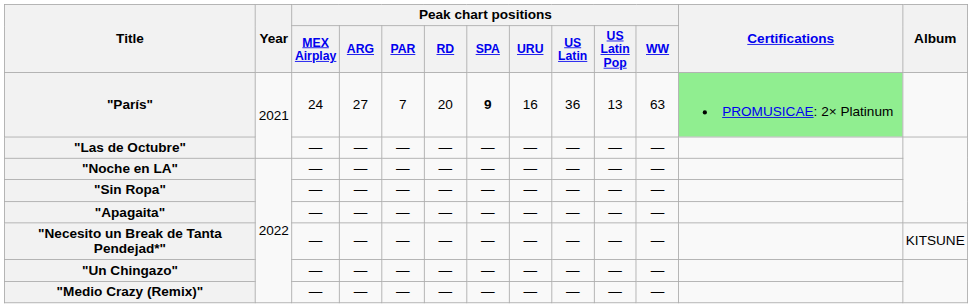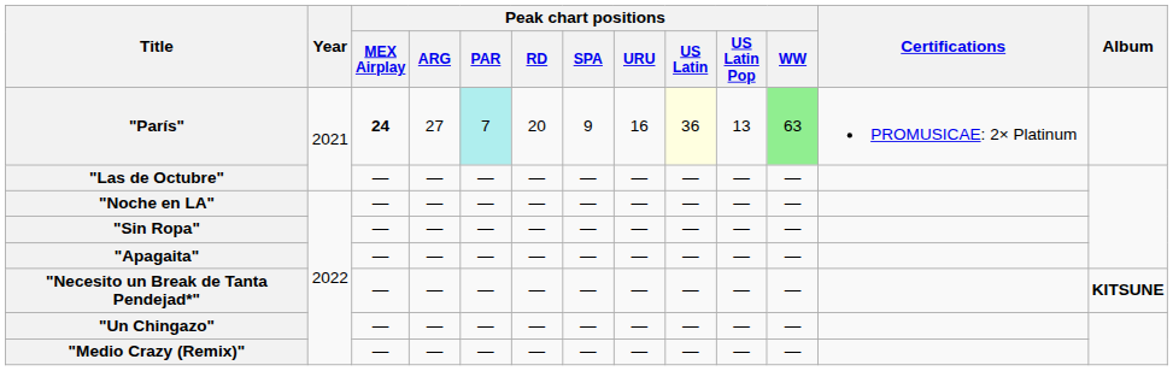 <table class="wikitable plainrowheaders" style="text-align:center;">
 <tr>
 <th scope="col" rowspan="2" style="width:18em;">Title</th>
 <th scope="col" rowspan="2">Year</th>
 <th scope="col" colspan="9">Peak chart positions</th>
 <th scope="col" rowspan="2" style="width:16em;"><a href='#'>Certifications</a></th>
 <th scope="col" rowspan="2">Album</th>
 </tr>
 <tr>
 <th scope="col" style="width:3em;font-size:90%;"><a href='#'>MEX Airplay</a><br></th>
 <th scope="col" style="width:3em;font-size:90%;"><a href='#'>ARG</a><br></th>
 <th scope="col" style="width:3em;font-size:90%;"><a href='#'>PAR</a><br></th>
 <th scope="col" style="width:3em;font-size:90%;"><a href='#'>RD</a><br></th>
 <th scope="col" style="width:3em;font-size:90%;"><a href='#'>SPA</a><br></th>
 <th scope="col" style="width:3em;font-size:90%;"><a href='#'>URU</a><br></th>
 <th scope="col" style="width:3em;font-size:90%;"><a href='#'>US Latin</a><br></th>
 <th scope="col" style="width:3em;font-size:90%;"><a href='#'>US Latin Pop</a><br></th>
 <th scope="col" style="width:3em;font-size:90%;"><a href='#'>WW</a><br></th>
 </tr>
 <tr>
 <th scope="row">"París"</th>
 <td rowspan="2">2021</td>
-<td>24</td>
+<td><strong>24</strong></td>
 <td>27</td>
-<td>7</td>
+<td style="background: paleturquoise;">7</td>
 <td>20</td>
-<td><strong>9</strong></td>
+<td>9</td>
 <td>16</td>
-<td>36</td>
+<td style="background: lightyellow;">36</td>
 <td>13</td>
-<td>63</td>
-<td style="background: lightgreen;"><br><ul><li><a href='#'>PROMUSICAE</a>: 2× Platinum</li></ul></td>
+<td style="background: lightgreen;">63</td>
+<td><br><ul><li><a href='#'>PROMUSICAE</a>: 2× Platinum</li></ul></td>
 <td></td>
 </tr>
 <tr>
 <th scope="row">"Las de Octubre"</th>
 <td>—</td>
 <td>—</td>
 <td>—</td>
 <td>—</td>
 <td>—</td>
 <td>—</td>
 <td>—</td>
 <td>—</td>
 <td>—</td>
 <td></td>
 </tr>
 <tr>
 <th scope="row">"Noche en LA"<br></th>
 <td rowspan="6">2022</td>
 <td>—</td>
 <td>—</td>
 <td>—</td>
 <td>—</td>
 <td>—</td>
 <td>—</td>
 <td>—</td>
 <td>—</td>
 <td>—</td>
 <td></td>
 </tr>
 <tr>
 <th scope="row">"Sin Ropa"<br></th>
 <td>—</td>
 <td>—</td>
 <td>—</td>
 <td>—</td>
 <td>—</td>
 <td>—</td>
 <td>—</td>
 <td>—</td>
 <td>—</td>
 <td></td>
 </tr>
 <tr>
 <th scope="row">"Apagaita"</th>
 <td>—</td>
 <td>—</td>
 <td>—</td>
 <td>—</td>
 <td>—</td>
 <td>—</td>
 <td>—</td>
 <td>—</td>
 <td>—</td>
 <td></td>
 </tr>
 <tr>
 <th scope="row">"Necesito un Break de Tanta Pendejad*"<br></th>
 <td>—</td>
 <td>—</td>
 <td>—</td>
 <td>—</td>
 <td>—</td>
 <td>—</td>
 <td>—</td>
 <td>—</td>
 <td>—</td>
 <td></td>
-<td>KITSUNE</td>
+<td><strong>KITSUNE</strong></td>
 </tr>
 <tr>
 <th scope="row">"Un Chingazo"<br></th>
 <td>—</td>
 <td>—</td>
 <td>—</td>
 <td>—</td>
 <td>—</td>
 <td>—</td>
 <td>—</td>
 <td>—</td>
 <td>—</td>
 <td></td>
 </tr>
 <tr>
 <th scope="row">"Medio Crazy (Remix)"<br></th>
 <td>—</td>
 <td>—</td>
 <td>—</td>
 <td>—</td>
 <td>—</td>
 <td>—</td>
 <td>—</td>
 <td>—</td>
 <td>—</td>
 <td></td>
 </tr>
 </table>
